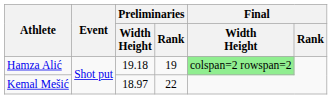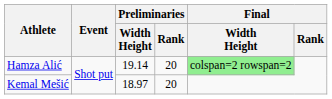 <table class=wikitable style="font-size:90%;">
 <tr>
 <th rowspan="2">Athlete</th>
 <th rowspan="2">Event</th>
 <th colspan="2">Preliminaries</th>
 <th colspan="2">Final</th>
 </tr>
 <tr>
 <th>Width<br>Height</th>
 <th>Rank</th>
 <th>Width<br>Height</th>
 <th>Rank</th>
 </tr>
 <tr style="border-top: single;">
 <td><a href='#'>Hamza Alić</a></td>
 <td rowspan=2><a href='#'>Shot put</a></td>
-<td align=center>19.18</td>
-<td align=center>19</td>
+<td align=center>19.14</td>
+<td align=center>20</td>
 <td style="background: lightgreen;">colspan=2 rowspan=2 </td>
 </tr>
 <tr style="border-top: single;">
 <td><a href='#'>Kemal Mešić</a></td>
 <td align=center>18.97</td>
-<td align=center>22</td>
+<td align=center>20</td>
 </tr>
 </table>
